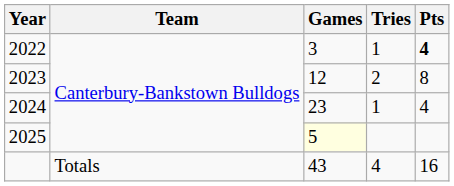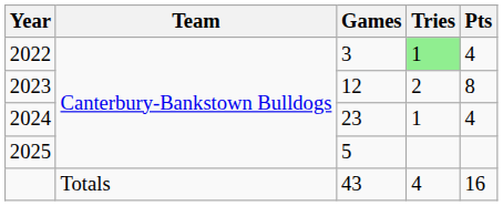 <table class="wikitable">
 <tr>
 <th>Year</th>
 <th>Team</th>
 <th>Games</th>
 <th>Tries</th>
 <th>Pts</th>
 </tr>
 <tr>
 <td>2022</td>
 <td rowspan="4"> <a href='#'>Canterbury-Bankstown Bulldogs</a></td>
 <td>3</td>
-<td>1</td>
-<td><strong>4</strong></td>
+<td style="background: lightgreen;">1</td>
+<td>4</td>
 </tr>
 <tr>
 <td>2023</td>
 <td>12</td>
 <td>2</td>
 <td>8</td>
 </tr>
 <tr>
 <td>2024</td>
 <td>23</td>
 <td>1</td>
 <td>4</td>
 </tr>
 <tr>
 <td>2025</td>
-<td style="background: lightyellow;">5</td>
+<td>5</td>
 <td></td>
 <td></td>
 </tr>
 <tr>
 <td></td>
 <td>Totals</td>
 <td>43</td>
 <td>4</td>
 <td>16</td>
 </tr>
 </table>
